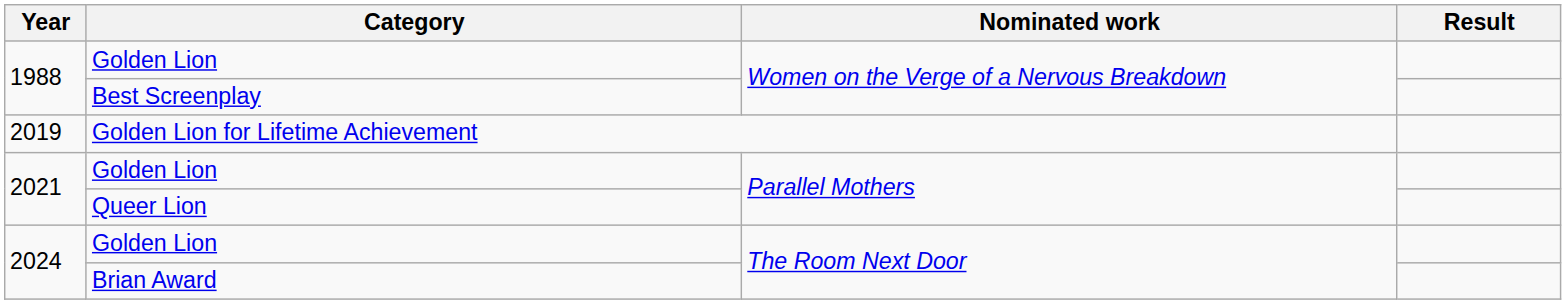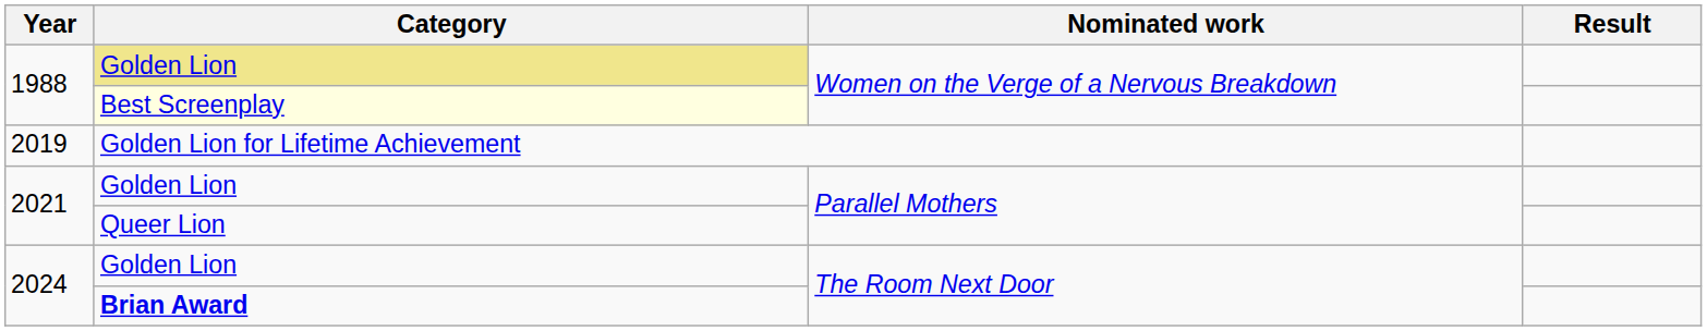 <table class="wikitable" style="width:85%;">
 <tr>
 <th width=5%>Year</th>
 <th style="width:40%;">Category</th>
 <th style="width:40%;">Nominated work</th>
 <th style="width:10%;">Result</th>
 </tr>
 <tr>
 <td rowspan=2>1988</td>
-<td><a href='#'>Golden Lion</a></td>
+<td style="background: khaki;"><a href='#'>Golden Lion</a></td>
 <td rowspan=2><em><a href='#'>Women on the Verge of a Nervous Breakdown</a></em></td>
 <td></td>
 </tr>
 <tr>
-<td><a href='#'>Best Screenplay</a></td>
+<td style="background: lightyellow;"><a href='#'>Best Screenplay</a></td>
 <td></td>
 </tr>
 <tr>
 <td>2019</td>
 <td colspan="2"><a href='#'>Golden Lion for Lifetime Achievement</a></td>
 <td></td>
 </tr>
 <tr>
 <td rowspan=2>2021</td>
 <td><a href='#'>Golden Lion</a></td>
 <td rowspan=2><em><a href='#'>Parallel Mothers</a></em></td>
 <td></td>
 </tr>
 <tr>
 <td><a href='#'>Queer Lion</a></td>
 <td></td>
 </tr>
 <tr>
 <td rowspan="2">2024</td>
 <td><a href='#'>Golden Lion</a></td>
 <td rowspan="2"><em><a href='#'>The Room Next Door</a></em></td>
 <td></td>
 </tr>
 <tr>
-<td><a href='#'>Brian Award</a></td>
+<td><strong><a href='#'>Brian Award</a></strong></td>
 <td></td>
 </tr>
 </table>
